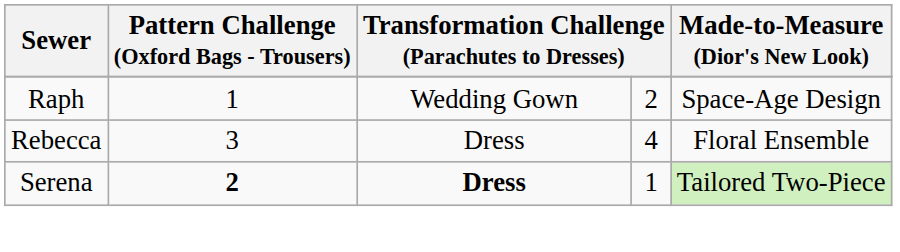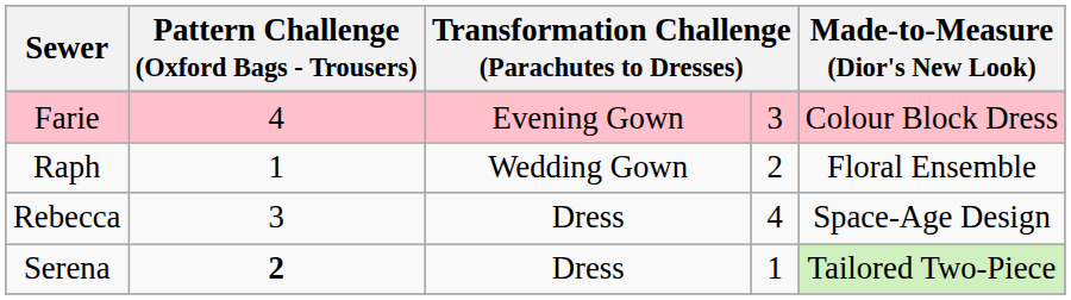 <table class="wikitable" style="text-align:center;">
 <tr>
 <th>Sewer</th>
 <th>Pattern Challenge<br><small>(Oxford Bags - Trousers)</small></th>
 <th colspan="2">Transformation Challenge<br><small>(Parachutes to Dresses)</small></th>
 <th>Made-to-Measure<br><small>(Dior's New Look)</small></th>
 </tr>
 <tr>
 </tr>
 <tr>
 </tr>
 <tr>
 </tr>
+<tr style="background:pink">
+<td>Farie</td>
+<td>4</td>
+<td>Evening Gown</td>
+<td>3</td>
+<td>Colour Block Dress</td>
+</tr>
 <tr>
 <td>Raph</td>
 <td>1</td>
 <td>Wedding Gown</td>
 <td>2</td>
-<td>Space-Age Design</td>
+<td>Floral Ensemble</td>
 </tr>
 <tr>
 <td>Rebecca</td>
 <td>3</td>
 <td>Dress</td>
 <td>4</td>
-<td>Floral Ensemble</td>
+<td>Space-Age Design</td>
 </tr>
 <tr>
 <td>Serena</td>
 <td><strong>2</strong></td>
-<td><strong>Dress</strong></td>
+<td>Dress</td>
 <td>1</td>
 <td style="background:#d0f0c0">Tailored Two-Piece</td>
 </tr>
 </table>
